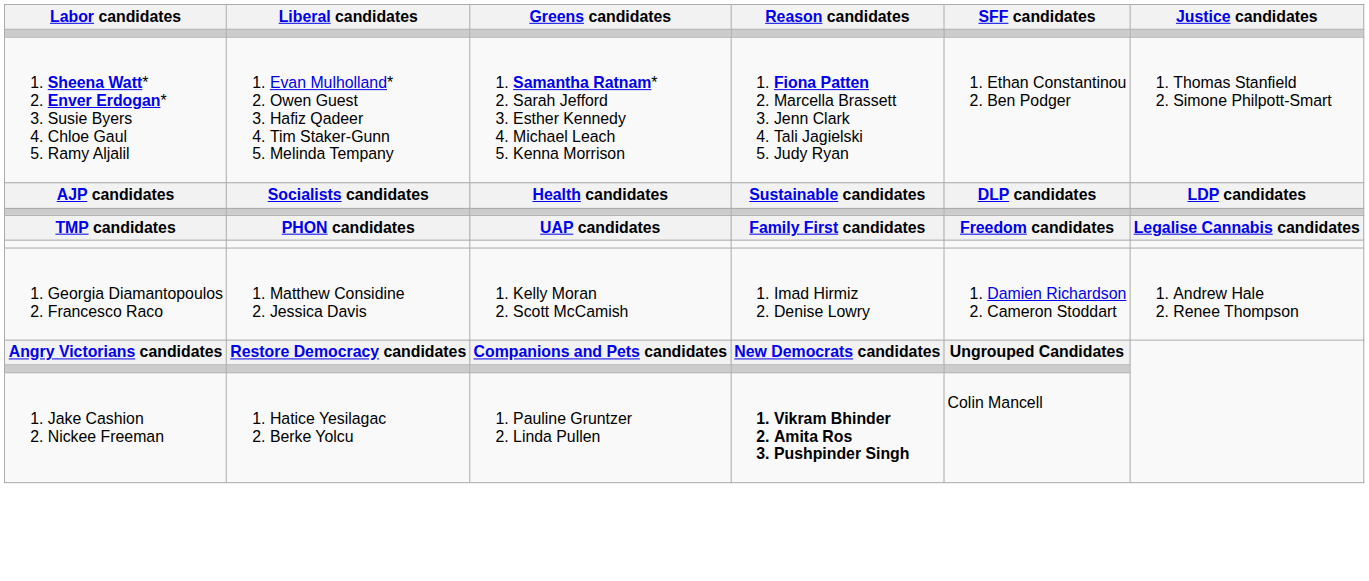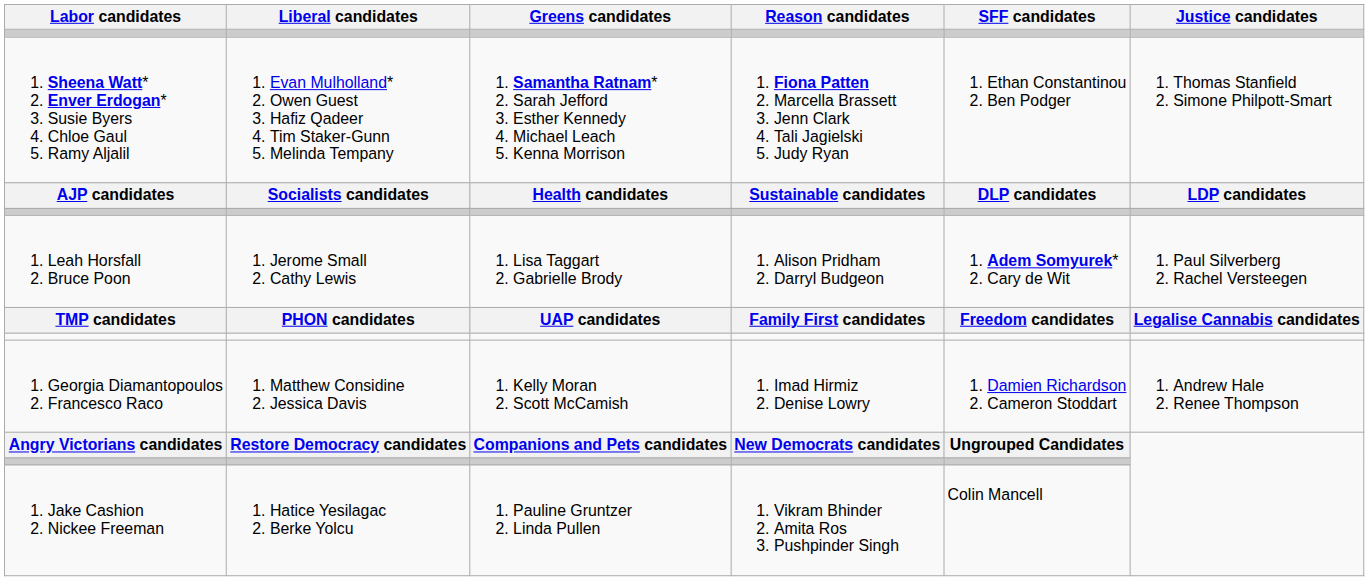 <table class="wikitable" style="max-width:90em";>
 <tr>
 <th><a href='#'>Labor</a> candidates</th>
 <th><a href='#'>Liberal</a> candidates</th>
 <th><a href='#'>Greens</a> candidates</th>
 <th><a href='#'>Reason</a> candidates</th>
 <th><a href='#'>SFF</a> candidates</th>
 <th><a href='#'>Justice</a> candidates</th>
 </tr>
 <tr style="background:#ccc;">
 <td></td>
 <td></td>
 <td></td>
 <td></td>
 <td></td>
 <td></td>
 </tr>
 <tr>
 <td><br><ol><li><strong><a href='#'>Sheena Watt</a></strong>*</li><li><strong><a href='#'>Enver Erdogan</a></strong>*</li><li>Susie Byers</li><li>Chloe Gaul</li><li>Ramy Aljalil</li></ol></td>
 <td><br><ol><li><a href='#'>Evan Mulholland</a>*</li><li>Owen Guest</li><li>Hafiz Qadeer</li><li>Tim Staker-Gunn</li><li>Melinda Tempany</li></ol></td>
 <td><br><ol><li><strong><a href='#'>Samantha Ratnam</a></strong>*</li><li>Sarah Jefford</li><li>Esther Kennedy</li><li>Michael Leach</li><li>Kenna Morrison</li></ol></td>
 <td valign=top><br><ol><li><strong><a href='#'>Fiona Patten</a></strong></li><li>Marcella Brassett</li><li>Jenn Clark</li><li>Tali Jagielski</li><li>Judy Ryan</li></ol></td>
 <td valign=top><br><ol><li>Ethan Constantinou</li><li>Ben Podger</li></ol></td>
 <td valign=top><br><ol><li>Thomas Stanfield</li><li>Simone Philpott-Smart</li></ol></td>
 </tr>
 <tr style="background:#ccc;">
 <th><a href='#'>AJP</a> candidates</th>
 <th><a href='#'>Socialists</a> candidates</th>
 <th><a href='#'>Health</a> candidates</th>
 <th><a href='#'>Sustainable</a> candidates</th>
 <th><a href='#'>DLP</a> candidates</th>
 <th><a href='#'>LDP</a> candidates</th>
 </tr>
 <tr style="background:#ccc;">
 <td></td>
 <td></td>
 <td></td>
 <td></td>
 <td></td>
 <td></td>
+</tr>
+<tr>
+<td valign=top><br><ol><li>Leah Horsfall</li><li>Bruce Poon</li></ol></td>
+<td valign=top><br><ol><li>Jerome Small</li><li>Cathy Lewis</li></ol></td>
+<td valign=top><br><ol><li>Lisa Taggart</li><li>Gabrielle Brody</li></ol></td>
+<td valign=top><br><ol><li>Alison Pridham</li><li>Darryl Budgeon</li></ol></td>
+<td><br><ol><li><strong><a href='#'>Adem Somyurek</a></strong>*</li><li>Cary de Wit</li></ol></td>
+<td valign=top><br><ol><li>Paul Silverberg</li><li>Rachel Versteegen</li></ol></td>
 </tr>
 <tr style="background:#ccc;">
 <th><a href='#'>TMP</a> candidates</th>
 <th><a href='#'>PHON</a> candidates</th>
 <th><a href='#'>UAP</a> candidates</th>
 <th><a href='#'>Family First</a> candidates</th>
 <th><a href='#'>Freedom</a> candidates</th>
 <th><a href='#'>Legalise Cannabis</a> candidates</th>
 </tr>
 <tr>
 <td></td>
 <td></td>
 <td></td>
 <td></td>
 <td></td>
 <td></td>
 </tr>
 <tr>
 <td valign=top><br><ol><li>Georgia Diamantopoulos</li><li>Francesco Raco</li></ol></td>
 <td valign=top><br><ol><li>Matthew Considine</li><li>Jessica Davis</li></ol></td>
 <td valign=top><br><ol><li>Kelly Moran</li><li>Scott McCamish</li></ol></td>
 <td valign=top><br><ol><li>Imad Hirmiz</li><li>Denise Lowry</li></ol></td>
 <td valign=top><br><ol><li><a href='#'>Damien Richardson</a></li><li>Cameron Stoddart</li></ol></td>
 <td valign=top><br><ol><li>Andrew Hale</li><li>Renee Thompson</li></ol></td>
 </tr>
 <tr style="background:#ccc;">
 <th><a href='#'>Angry Victorians</a> candidates</th>
 <th><a href='#'>Restore Democracy</a> candidates</th>
 <th><a href='#'>Companions and Pets</a> candidates</th>
 <th><a href='#'>New Democrats</a> candidates</th>
 <th>Ungrouped Candidates</th>
 </tr>
 <tr style=background:#ccc>
 <td></td>
 <td></td>
 <td></td>
 <td></td>
 <td></td>
 </tr>
 <tr>
 <td valign=top><br><ol><li>Jake Cashion</li><li>Nickee Freeman</li></ol></td>
 <td valign=top><br><ol><li>Hatice Yesilagac</li><li>Berke Yolcu</li></ol></td>
 <td valign=top><br><ol><li>Pauline Gruntzer</li><li>Linda Pullen</li></ol></td>
-<td valign=top><strong><br><ol><li>Vikram Bhinder</li><li>Amita Ros</li><li>Pushpinder Singh</li></ol></strong></td>
+<td valign=top><br><ol><li>Vikram Bhinder</li><li>Amita Ros</li><li>Pushpinder Singh</li></ol></td>
 <td valign=top><br>Colin Mancell</td>
 </tr>
 </table>
